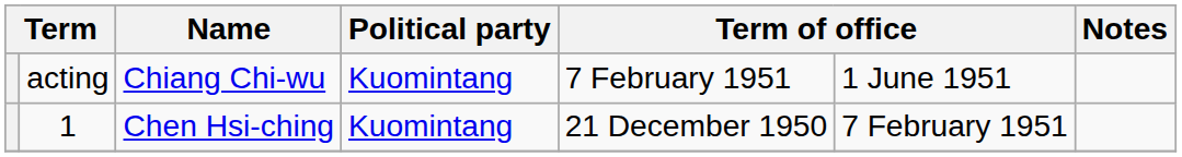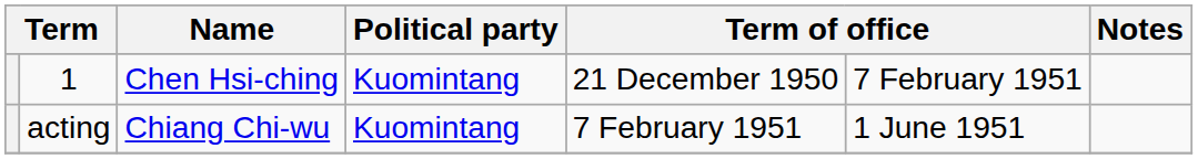 <table class="wikitable">
 <tr>
 <th colspan="2">Term</th>
 <th>Name</th>
 <th>Political party</th>
 <th colspan="2">Term of office</th>
 <th>Notes</th>
+</tr>
+<tr>
+<th style="background-color: "></th>
+<td align="center">1</td>
+<td><a href='#'>Chen Hsi-ching</a></td>
+<td><a href='#'>Kuomintang</a></td>
+<td>21 December 1950</td>
+<td>7 February 1951</td>
+<td></td>
 </tr>
 <tr>
 <th style="background-color: "></th>
 <td align="center">acting</td>
 <td><a href='#'>Chiang Chi-wu</a></td>
 <td><a href='#'>Kuomintang</a></td>
 <td>7 February 1951</td>
 <td>1 June 1951</td>
 <td></td>
 </tr>
 <tr>
-<th style="background-color: "></th>
-<td align="center">1</td>
-<td><a href='#'>Chen Hsi-ching</a></td>
-<td><a href='#'>Kuomintang</a></td>
-<td>21 December 1950</td>
-<td>7 February 1951</td>
-<td></td>
-</tr>
-<tr>
 </tr>
 </table>
